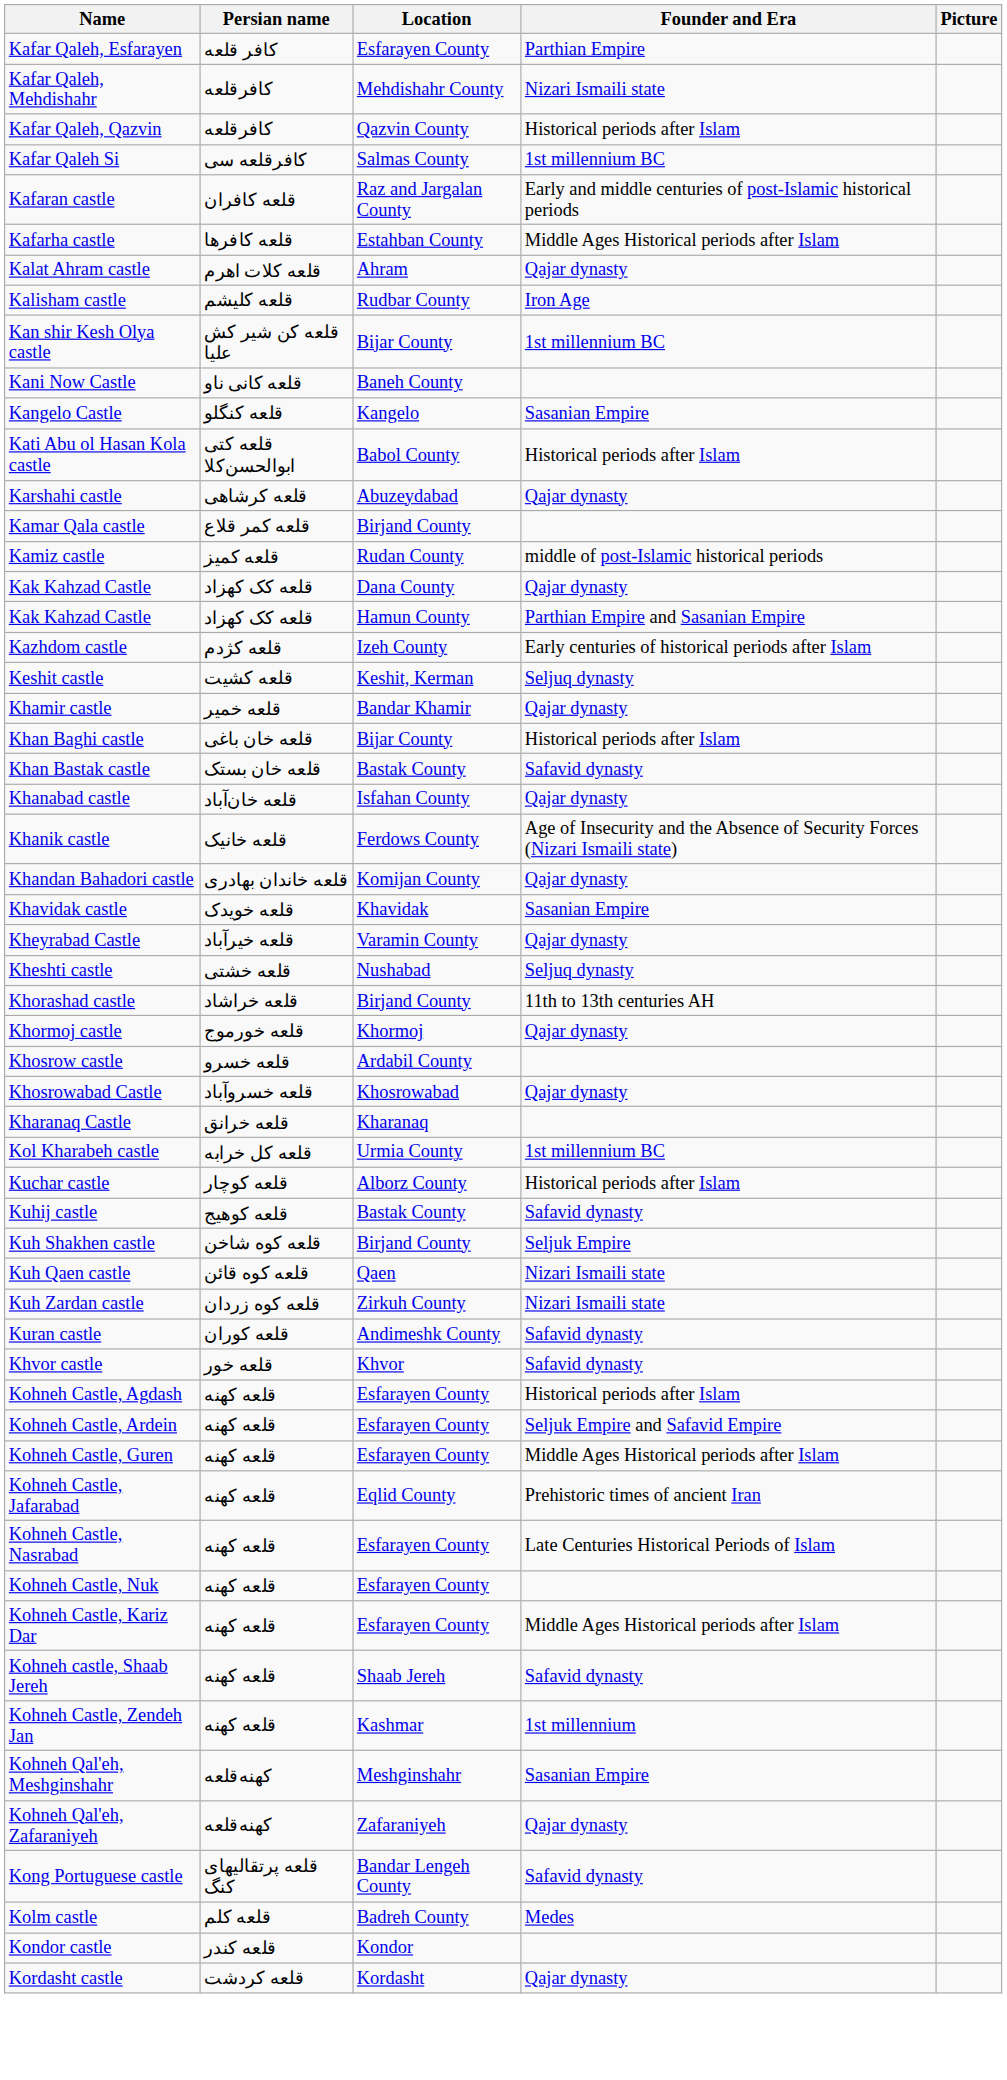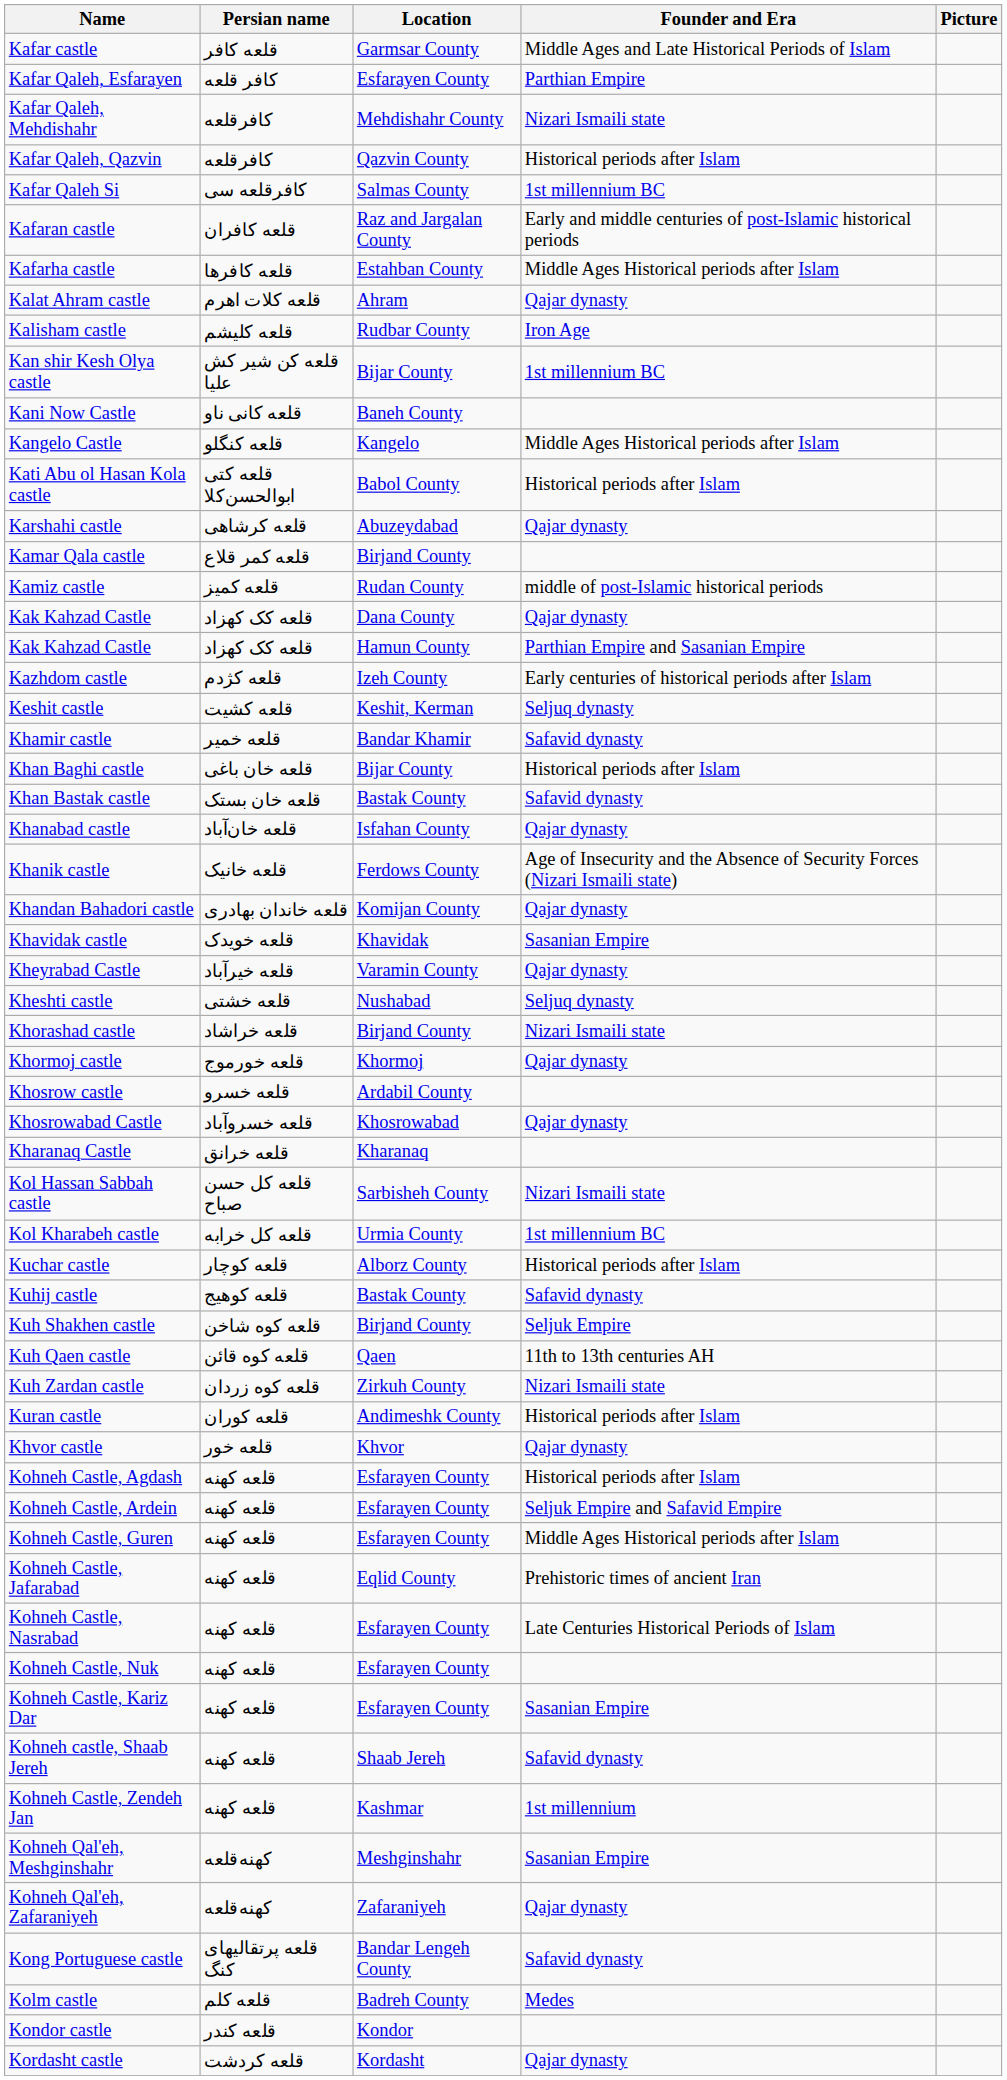 <table class="wikitable">
 <tr>
 <th>Name</th>
 <th>Persian name</th>
 <th>Location</th>
 <th>Founder and Era</th>
 <th>Picture</th>
+</tr>
+<tr>
+<td><a href='#'>Kafar castle</a></td>
+<td>قلعه کافر</td>
+<td><a href='#'>Garmsar County</a></td>
+<td>Middle Ages and Late Historical Periods of <a href='#'>Islam</a></td>
+<td></td>
 </tr>
 <tr>
 <td><a href='#'>Kafar Qaleh, Esfarayen</a></td>
 <td>کافر قلعه</td>
 <td><a href='#'>Esfarayen County</a></td>
 <td><a href='#'>Parthian Empire</a></td>
 <td></td>
 </tr>
 <tr>
 <td><a href='#'>Kafar Qaleh, Mehdishahr</a></td>
 <td>کافرقلعه</td>
 <td><a href='#'>Mehdishahr County</a></td>
 <td><a href='#'>Nizari Ismaili state</a></td>
 <td></td>
 </tr>
 <tr>
 <td><a href='#'>Kafar Qaleh, Qazvin</a></td>
 <td>کافرقلعه</td>
 <td><a href='#'>Qazvin County</a></td>
 <td>Historical periods after <a href='#'>Islam</a></td>
 <td></td>
 </tr>
 <tr>
 <td><a href='#'>Kafar Qaleh Si</a></td>
 <td>کافرقلعه سی</td>
 <td><a href='#'>Salmas County</a></td>
 <td><a href='#'>1st millennium BC</a></td>
 <td></td>
 </tr>
 <tr>
 <td><a href='#'>Kafaran castle</a></td>
 <td>قلعه کافران</td>
 <td><a href='#'>Raz and Jargalan County</a></td>
 <td>Early and middle centuries of <a href='#'>post-Islamic</a> historical periods</td>
 <td></td>
 </tr>
 <tr>
 <td><a href='#'>Kafarha castle</a></td>
 <td>قلعه کافرها</td>
 <td><a href='#'>Estahban County</a></td>
 <td>Middle Ages Historical periods after <a href='#'>Islam</a></td>
 <td></td>
 </tr>
 <tr>
 <td><a href='#'>Kalat Ahram castle</a></td>
 <td>قلعه کلات اهرم</td>
 <td><a href='#'>Ahram</a></td>
 <td><a href='#'>Qajar dynasty</a></td>
 <td align="center"></td>
 </tr>
 <tr>
 <td><a href='#'>Kalisham castle</a></td>
 <td>قلعه کلیشم</td>
 <td><a href='#'>Rudbar County</a></td>
 <td><a href='#'>Iron Age</a></td>
 <td></td>
 </tr>
 <tr>
 <td><a href='#'>Kan shir Kesh Olya castle</a></td>
 <td>قلعه کن شیر کش علیا</td>
 <td><a href='#'>Bijar County</a></td>
 <td><a href='#'>1st millennium BC</a></td>
 <td></td>
 </tr>
 <tr>
 <td><a href='#'>Kani Now Castle</a></td>
 <td>قلعه کانی ناو</td>
 <td><a href='#'>Baneh County</a></td>
 <td></td>
 <td></td>
 </tr>
 <tr>
 <td><a href='#'>Kangelo Castle</a></td>
 <td>قلعه کنگلو</td>
 <td><a href='#'>Kangelo</a></td>
-<td><a href='#'>Sasanian Empire</a></td>
+<td>Middle Ages Historical periods after <a href='#'>Islam</a></td>
 <td align="center"></td>
 </tr>
 <tr>
 <td><a href='#'>Kati Abu ol Hasan Kola castle</a></td>
 <td>قلعه کتی ابوالحسن‌کلا</td>
 <td><a href='#'>Babol County</a></td>
 <td>Historical periods after <a href='#'>Islam</a></td>
 <td></td>
 </tr>
 <tr>
 <td><a href='#'>Karshahi castle</a></td>
 <td>قلعه کرشاهی</td>
 <td><a href='#'>Abuzeydabad</a></td>
 <td><a href='#'>Qajar dynasty</a></td>
 <td align="center"></td>
 </tr>
 <tr>
 <td><a href='#'>Kamar Qala castle</a></td>
 <td>قلعه کمر قلاع</td>
 <td><a href='#'>Birjand County</a></td>
 <td></td>
 <td></td>
 </tr>
 <tr>
 <td><a href='#'>Kamiz castle</a></td>
 <td>قلعه کمیز</td>
 <td><a href='#'>Rudan County</a></td>
 <td>middle of <a href='#'>post-Islamic</a> historical periods</td>
 <td></td>
 </tr>
 <tr>
 <td><a href='#'>Kak Kahzad Castle</a></td>
 <td>قلعه کک کهزاد</td>
 <td><a href='#'>Dana County</a></td>
 <td><a href='#'>Qajar dynasty</a></td>
 <td></td>
 </tr>
 <tr>
 <td><a href='#'>Kak Kahzad Castle</a></td>
 <td>قلعه کک کهزاد</td>
 <td><a href='#'>Hamun County</a></td>
 <td><a href='#'>Parthian Empire</a> and <a href='#'>Sasanian Empire</a></td>
 <td></td>
 </tr>
 <tr>
 <td><a href='#'>Kazhdom castle</a></td>
 <td>قلعه کژدم</td>
 <td><a href='#'>Izeh County</a></td>
 <td>Early centuries of historical periods after <a href='#'>Islam</a></td>
 <td></td>
 </tr>
 <tr>
 <td><a href='#'>Keshit castle</a></td>
 <td>قلعه کشیت</td>
 <td><a href='#'>Keshit, Kerman</a></td>
 <td><a href='#'>Seljuq dynasty</a></td>
 <td align="center"></td>
 </tr>
 <tr>
 <td><a href='#'>Khamir castle</a></td>
 <td>قلعه خمیر</td>
 <td><a href='#'>Bandar Khamir</a></td>
-<td><a href='#'>Qajar dynasty</a></td>
+<td><a href='#'>Safavid dynasty</a></td>
 <td></td>
 </tr>
 <tr>
 <td><a href='#'>Khan Baghi castle</a></td>
 <td>قلعه خان باغی</td>
 <td><a href='#'>Bijar County</a></td>
 <td>Historical periods after <a href='#'>Islam</a></td>
 <td></td>
 </tr>
 <tr>
 <td><a href='#'>Khan Bastak castle</a></td>
 <td>قلعه خان بستک</td>
 <td><a href='#'>Bastak County</a></td>
 <td><a href='#'>Safavid dynasty</a></td>
 <td></td>
 </tr>
 <tr>
 <td><a href='#'>Khanabad castle</a></td>
 <td>قلعه خان‌آباد</td>
 <td><a href='#'>Isfahan County</a></td>
 <td><a href='#'>Qajar dynasty</a></td>
 <td></td>
 </tr>
 <tr>
 <td><a href='#'>Khanik castle</a></td>
 <td>قلعه خانیک</td>
 <td><a href='#'>Ferdows County</a></td>
 <td>Age of Insecurity and the Absence of Security Forces (<a href='#'>Nizari Ismaili state</a>)</td>
 <td></td>
 </tr>
 <tr>
 <td><a href='#'>Khandan Bahadori castle</a></td>
 <td>قلعه خاندان بهادری</td>
 <td><a href='#'>Komijan County</a></td>
 <td><a href='#'>Qajar dynasty</a></td>
 <td></td>
 </tr>
 <tr>
 <td><a href='#'>Khavidak castle</a></td>
 <td>قلعه خویدک</td>
 <td><a href='#'>Khavidak</a></td>
 <td><a href='#'>Sasanian Empire</a></td>
 <td align="center"></td>
 </tr>
 <tr>
 <td><a href='#'>Kheyrabad Castle</a></td>
 <td>قلعه خیرآباد</td>
 <td><a href='#'>Varamin County</a></td>
 <td><a href='#'>Qajar dynasty</a></td>
 <td align="center"></td>
 </tr>
 <tr>
 <td><a href='#'>Kheshti castle</a></td>
 <td>قلعه خشتی</td>
 <td><a href='#'>Nushabad</a></td>
 <td><a href='#'>Seljuq dynasty</a></td>
 <td align="center"></td>
 </tr>
 <tr>
 <td><a href='#'>Khorashad castle</a></td>
 <td>قلعه خراشاد</td>
 <td><a href='#'>Birjand County</a></td>
-<td>11th to 13th centuries AH</td>
+<td><a href='#'>Nizari Ismaili state</a></td>
 <td></td>
 </tr>
 <tr>
 <td><a href='#'>Khormoj castle</a></td>
 <td>قلعه خورموج</td>
 <td><a href='#'>Khormoj</a></td>
 <td><a href='#'>Qajar dynasty</a></td>
 <td align="center"></td>
 </tr>
 <tr>
 <td><a href='#'>Khosrow castle</a></td>
 <td>قلعه خسرو</td>
 <td><a href='#'>Ardabil County</a></td>
 <td></td>
 <td></td>
 </tr>
 <tr>
 <td><a href='#'>Khosrowabad Castle</a></td>
 <td>قلعه خسروآباد</td>
 <td><a href='#'>Khosrowabad</a></td>
 <td><a href='#'>Qajar dynasty</a></td>
 </tr>
 <tr>
 <td><a href='#'>Kharanaq Castle</a></td>
 <td>قلعه خرانق</td>
 <td><a href='#'>Kharanaq</a></td>
 <td></td>
 <td align="center"></td>
+</tr>
+<tr>
+<td><a href='#'>Kol Hassan Sabbah castle</a></td>
+<td>قلعه کل حسن صباح</td>
+<td><a href='#'>Sarbisheh County</a></td>
+<td><a href='#'>Nizari Ismaili state</a></td>
+<td></td>
 </tr>
 <tr>
 <td><a href='#'>Kol Kharabeh castle</a></td>
 <td>قلعه کل خرابه</td>
 <td><a href='#'>Urmia County</a></td>
 <td><a href='#'>1st millennium BC</a></td>
 <td></td>
 </tr>
 <tr>
 <td><a href='#'>Kuchar castle</a></td>
 <td>قلعه کوچار</td>
 <td><a href='#'>Alborz County</a></td>
 <td>Historical periods after <a href='#'>Islam</a></td>
 <td></td>
 </tr>
 <tr>
 <td><a href='#'>Kuhij castle</a></td>
 <td>قلعه کوهیج</td>
 <td><a href='#'>Bastak County</a></td>
 <td><a href='#'>Safavid dynasty</a></td>
 <td></td>
 </tr>
 <tr>
 <td><a href='#'>Kuh Shakhen castle</a></td>
 <td>قلعه کوه شاخن</td>
 <td><a href='#'>Birjand County</a></td>
 <td><a href='#'>Seljuk Empire</a></td>
 <td></td>
 </tr>
 <tr>
 <td><a href='#'>Kuh Qaen castle</a></td>
 <td>قلعه کوه قائن</td>
 <td><a href='#'>Qaen</a></td>
-<td><a href='#'>Nizari Ismaili state</a></td>
+<td>11th to 13th centuries AH</td>
 <td></td>
 </tr>
 <tr>
 <td><a href='#'>Kuh Zardan castle</a></td>
 <td>قلعه کوه زردان</td>
 <td><a href='#'>Zirkuh County</a></td>
 <td><a href='#'>Nizari Ismaili state</a></td>
 <td align="center"></td>
 </tr>
 <tr>
 <td><a href='#'>Kuran castle</a></td>
 <td>قلعه کوران</td>
 <td><a href='#'>Andimeshk County</a></td>
-<td><a href='#'>Safavid dynasty</a></td>
+<td>Historical periods after <a href='#'>Islam</a></td>
 <td></td>
 </tr>
 <tr>
 <td><a href='#'>Khvor castle</a></td>
 <td>قلعه خور</td>
 <td><a href='#'>Khvor</a></td>
-<td><a href='#'>Safavid dynasty</a></td>
+<td><a href='#'>Qajar dynasty</a></td>
 <td align="center"></td>
 </tr>
 <tr>
 <td><a href='#'>Kohneh Castle, Agdash</a></td>
 <td>قلعه کهنه</td>
 <td><a href='#'>Esfarayen County</a></td>
 <td>Historical periods after <a href='#'>Islam</a></td>
 <td></td>
 </tr>
 <tr>
 <td><a href='#'>Kohneh Castle, Ardein</a></td>
 <td>قلعه کهنه</td>
 <td><a href='#'>Esfarayen County</a></td>
 <td><a href='#'>Seljuk Empire</a> and <a href='#'>Safavid Empire</a></td>
 <td></td>
 </tr>
 <tr>
 <td><a href='#'>Kohneh Castle, Guren</a></td>
 <td>قلعه کهنه</td>
 <td><a href='#'>Esfarayen County</a></td>
 <td>Middle Ages Historical periods after <a href='#'>Islam</a></td>
 <td></td>
 </tr>
 <tr>
 <td><a href='#'>Kohneh Castle, Jafarabad</a></td>
 <td>قلعه کهنه</td>
 <td><a href='#'>Eqlid County</a></td>
 <td>Prehistoric times of ancient <a href='#'>Iran</a></td>
 <td></td>
 </tr>
 <tr>
 <td><a href='#'>Kohneh Castle, Nasrabad</a></td>
 <td>قلعه کهنه</td>
 <td><a href='#'>Esfarayen County</a></td>
 <td>Late Centuries Historical Periods of <a href='#'>Islam</a></td>
 <td></td>
 </tr>
 <tr>
 <td><a href='#'>Kohneh Castle, Nuk</a></td>
 <td>قلعه کهنه</td>
 <td><a href='#'>Esfarayen County</a></td>
 <td></td>
 <td></td>
 </tr>
 <tr>
 <td><a href='#'>Kohneh Castle, Kariz Dar</a></td>
 <td>قلعه کهنه</td>
 <td><a href='#'>Esfarayen County</a></td>
-<td>Middle Ages Historical periods after <a href='#'>Islam</a></td>
+<td><a href='#'>Sasanian Empire</a></td>
 <td></td>
 </tr>
 <tr>
 <td><a href='#'>Kohneh castle, Shaab Jereh</a></td>
 <td>قلعه کهنه</td>
 <td><a href='#'>Shaab Jereh</a></td>
 <td><a href='#'>Safavid dynasty</a></td>
 <td align="center"></td>
 </tr>
 <tr>
 <td><a href='#'>Kohneh Castle, Zendeh Jan</a></td>
 <td>قلعه كهنه</td>
 <td><a href='#'>Kashmar</a></td>
 <td><a href='#'>1st millennium</a></td>
 <td align="center"></td>
 </tr>
 <tr>
 <td><a href='#'>Kohneh Qal'eh, Meshginshahr</a></td>
 <td>کهنه‌قلعه</td>
 <td><a href='#'>Meshginshahr</a></td>
 <td><a href='#'>Sasanian Empire</a></td>
 <td align="center"></td>
 </tr>
 <tr>
 <td><a href='#'>Kohneh Qal'eh, Zafaraniyeh</a></td>
 <td>کهنه‌قلعه</td>
 <td><a href='#'>Zafaraniyeh</a></td>
 <td><a href='#'>Qajar dynasty</a></td>
 <td align="center"></td>
 </tr>
 <tr>
 <td><a href='#'>Kong Portuguese castle</a></td>
 <td>قلعه پرتقالیهای کنگ</td>
 <td><a href='#'>Bandar Lengeh County</a></td>
 <td><a href='#'>Safavid dynasty</a></td>
 <td></td>
 </tr>
 <tr>
 <td><a href='#'>Kolm castle</a></td>
 <td>قلعه کلم</td>
 <td><a href='#'>Badreh County</a></td>
 <td><a href='#'>Medes</a></td>
 <td></td>
 </tr>
 <tr>
 <td><a href='#'>Kondor castle</a></td>
 <td>قلعه کندر</td>
 <td><a href='#'>Kondor</a></td>
 <td></td>
 <td align="center"></td>
 </tr>
 <tr>
 <td><a href='#'>Kordasht castle</a></td>
 <td>قلعه کردشت</td>
 <td><a href='#'>Kordasht</a></td>
 <td><a href='#'>Qajar dynasty</a></td>
 <td align="center"></td>
 </tr>
 </table>
